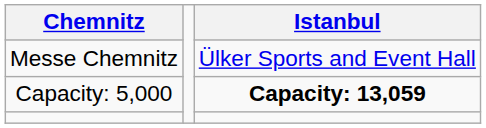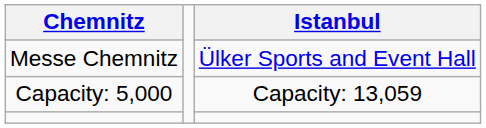 <table class="wikitable" style="margin:1em auto; text-align:center;">
 <tr>
 <th><a href='#'>Chemnitz</a></th>
 <td rowspan=4></td>
 <th><a href='#'>Istanbul</a></th>
 </tr>
 <tr>
 <td>Messe Chemnitz</td>
 <td><a href='#'>Ülker Sports and Event Hall</a></td>
 </tr>
 <tr>
 <td>Capacity: 5,000</td>
-<td><strong>Capacity: 13,059</strong></td>
+<td>Capacity: 13,059</td>
 </tr>
 <tr>
 <td></td>
 <td></td>
 </tr>
 </table>
